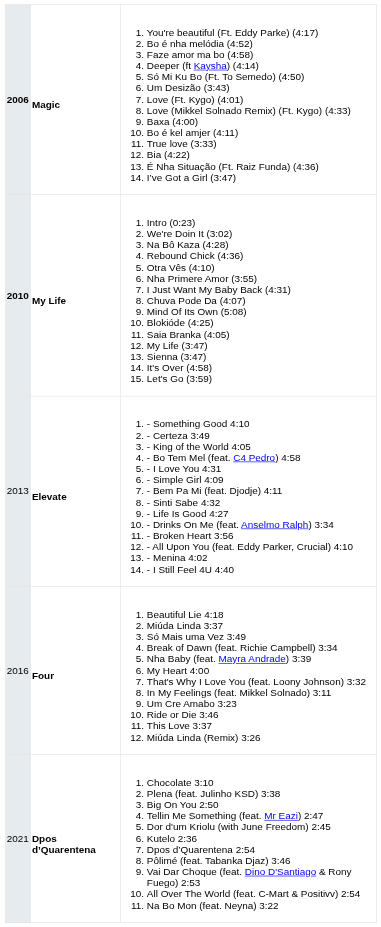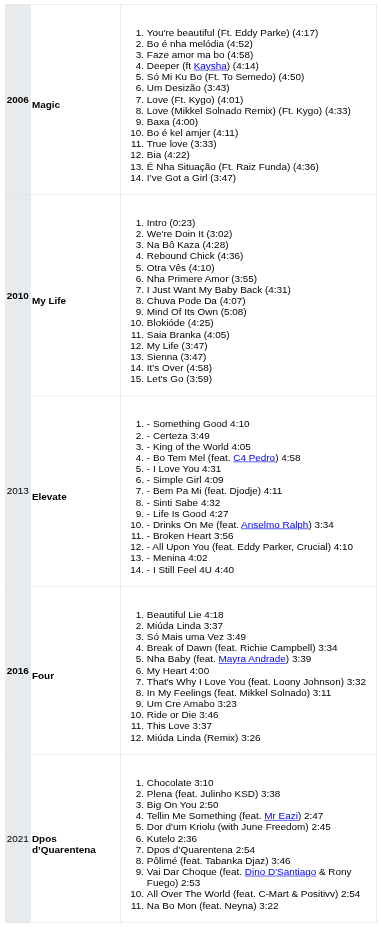 <table class="toccolours" border=1 cellpadding=2 cellspacing=0 style="float: lleft; width: 600px; margin: 0 0 1em 1em; border-collapse: collapse; border: 1px solid #E2E2E2;">
 <tr>
 <th bgcolor=#E7EBEE>2006</th>
 <td><br><strong>Magic</strong></td>
 <td><br><ol><li>You're beautiful (Ft. Eddy Parke) (4:17)</li><li>Bo é nha melódia (4:52)</li><li>Faze amor ma bo (4:58)</li><li>Deeper (ft <a href='#'>Kaysha</a>) (4:14)</li><li>Só Mi Ku Bo (Ft. To Semedo) (4:50)</li><li>Um Desizão (3:43)</li><li>Love (Ft. Kygo) (4:01)</li><li>Love (Mikkel Solnado Remix) (Ft. Kygo) (4:33)</li><li>Baxa (4:00)</li><li>Bo é kel amjer (4:11)</li><li>True love (3:33)</li><li>Bia (4:22)</li><li>É Nha Situação (Ft. Raiz Funda) (4:36)</li><li>I’ve Got a Girl (3:47)</li></ol></td>
 </tr>
 <tr>
 <th bgcolor=#E7EBEE>2010</th>
 <td><br><strong>My Life</strong></td>
 <td><br><ol><li>Intro (0:23)</li><li>We're Doin It (3:02)</li><li>Na Bô Kaza (4:28)</li><li>Rebound Chick (4:36)</li><li>Otra Vês (4:10)</li><li>Nha Primere Amor (3:55)</li><li>I Just Want My Baby Back (4:31)</li><li>Chuva Pode Da (4:07)</li><li>Mind Of Its Own (5:08)</li><li>Blokióde (4:25)</li><li>Saia Branka (4:05)</li><li>My Life (3:47)</li><li>Sienna (3:47)</li><li>It's Over (4:58)</li><li>Let's Go (3:59)</li></ol></td>
 </tr>
 <tr>
 <td bgcolor=E7EBEE>2013</td>
 <td><br><strong>Elevate</strong></td>
 <td><br><ol><li>- Something Good 4:10</li><li>- Certeza 3:49</li><li>- King of the World 4:05</li><li>- Bo Tem Mel (feat. <a href='#'>C4 Pedro</a>) 4:58</li><li>- I Love You 4:31</li><li>- Simple Girl 4:09</li><li>- Bem Pa Mi (feat. Djodje) 4:11</li><li>- Sinti Sabe 4:32</li><li>- Life Is Good 4:27</li><li>- Drinks On Me (feat. <a href='#'>Anselmo Ralph</a>) 3:34</li><li>- Broken Heart 3:56</li><li>- All Upon You (feat. Eddy Parker, Crucial) 4:10</li><li>- Menina 4:02</li><li>- I Still Feel 4U 4:40</li></ol></td>
 </tr>
 <tr>
-<td bgcolor=E7EBEE>2016</td>
+<td bgcolor=E7EBEE><strong>2016</strong></td>
 <td><br><strong>Four</strong></td>
 <td><br><ol><li>Beautiful Lie 	 	4:18</li><li>Miúda Linda 	 	3:37</li><li>Só Mais uma Vez 	 	3:49</li><li>Break of Dawn (feat. Richie Campbell) 	 	3:34</li><li>Nha Baby (feat. <a href='#'>Mayra Andrade</a>) 	 	3:39</li><li>My Heart 	 	4:00</li><li>That's Why I Love You (feat. Loony Johnson) 	 	3:32</li><li>In My Feelings (feat. Mikkel Solnado) 	 	3:11</li><li>Um Cre Amabo 	 	3:23</li><li>Ride or Die 	 	3:46</li><li>This Love 	 	3:37</li><li>Miúda Linda (Remix) 	 	3:26</li></ol></td>
 </tr>
 <tr>
 <td bgcolor=E7EBEE>2021</td>
 <td><br><strong>Dpos d’Quarentena</strong></td>
 <td><br><ol><li>Chocolate 	 	3:10</li><li>Plena (feat. Julinho KSD) 	 	3:38</li><li>Big On You 	 	2:50</li><li>Tellin Me Something (feat. <a href='#'>Mr Eazi</a>) 	 	2:47</li><li>Dor d'um Kriolu (with June Freedom) 	 	2:45</li><li>Kutelo 	 	2:36</li><li>Dpos d’Quarentena 	 	2:54</li><li>Pôlimé (feat. Tabanka Djaz) 	 	3:46</li><li>Vai Dar Choque (feat. <a href='#'>Dino D'Santiago</a> & Rony Fuego) 	 	2:53</li><li>All Over The World (feat. C-Mart & Positivv) 	 	2:54</li><li>Na Bo Mon (feat. Neyna) 	 	3:22</li></ol></td>
 </tr>
 </table>
